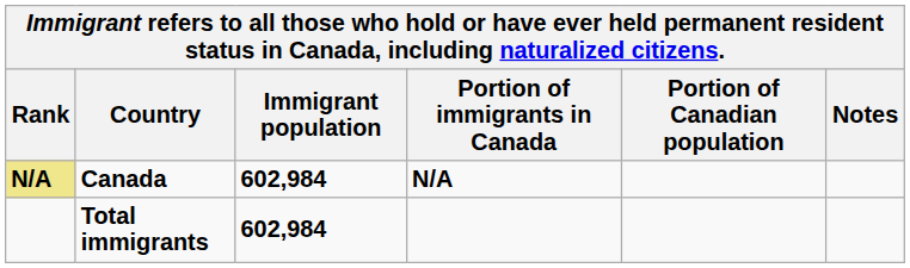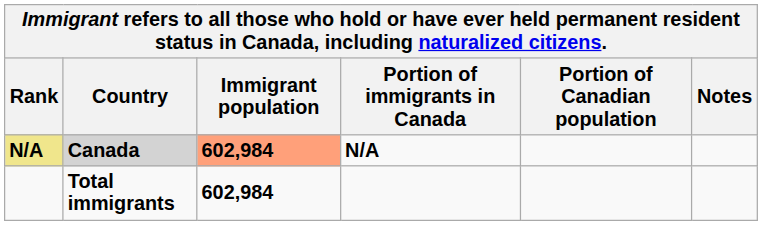 <table class="wikitable sortable">
 <tr>
 <th colspan="6"><em>Immigrant</em> refers to all those who hold or have ever held permanent resident status in Canada, including <a href='#'>naturalized citizens</a>.</th>
 </tr>
 <tr>
 <th>Rank</th>
 <th>Country</th>
 <th>Immigrant population</th>
 <th>Portion of immigrants in Canada</th>
 <th>Portion of Canadian population</th>
 <th>Notes</th>
 </tr>
 <tr>
 <td style="background: khaki;"><strong>N/A</strong></td>
-<td><strong>Canada</strong></td>
-<td><strong>602,984</strong></td>
+<td style="background: lightgrey;"><strong>Canada</strong></td>
+<td style="background: lightsalmon;"><strong>602,984</strong></td>
 <td><strong>N/A</strong></td>
 <td><strong></strong></td>
 <td></td>
 </tr>
 <tr>
 <td></td>
 <td><strong>Total immigrants</strong></td>
 <td><strong>602,984</strong></td>
 <td><strong></strong></td>
 <td><strong></strong></td>
 </tr>
 </table>
